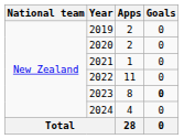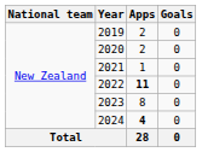 <table class=wikitable style=text-align:center>
 <tr>
 <th>National team</th>
 <th>Year</th>
 <th>Apps</th>
 <th>Goals</th>
 </tr>
 <tr>
 <td rowspan=6><a href='#'>New Zealand</a></td>
 <td>2019</td>
 <td>2</td>
 <td>0</td>
 </tr>
 <tr>
 <td>2020</td>
 <td>2</td>
 <td>0</td>
 </tr>
 <tr>
 <td>2021</td>
 <td>1</td>
 <td>0</td>
 </tr>
 <tr>
 <td>2022</td>
-<td>11</td>
+<td><strong>11</strong></td>
 <td>0</td>
 </tr>
 <tr>
 <td>2023</td>
 <td>8</td>
-<td><strong>0</strong></td>
+<td>0</td>
 </tr>
 <tr>
 <td>2024</td>
-<td>4</td>
+<td><strong>4</strong></td>
 <td>0</td>
 </tr>
 <tr>
 <th colspan=2>Total</th>
 <th>28</th>
 <th>0</th>
 </tr>
 </table>
